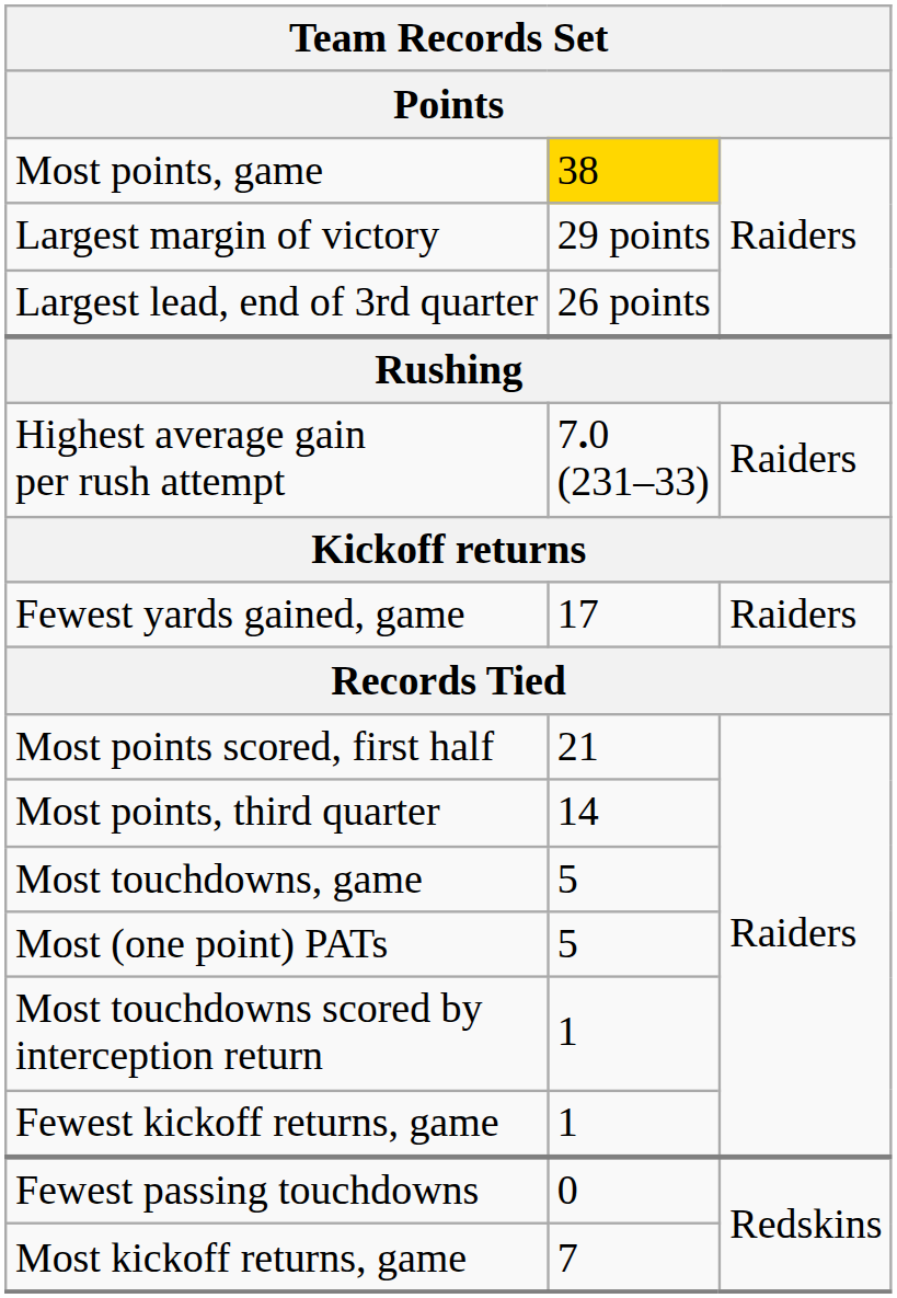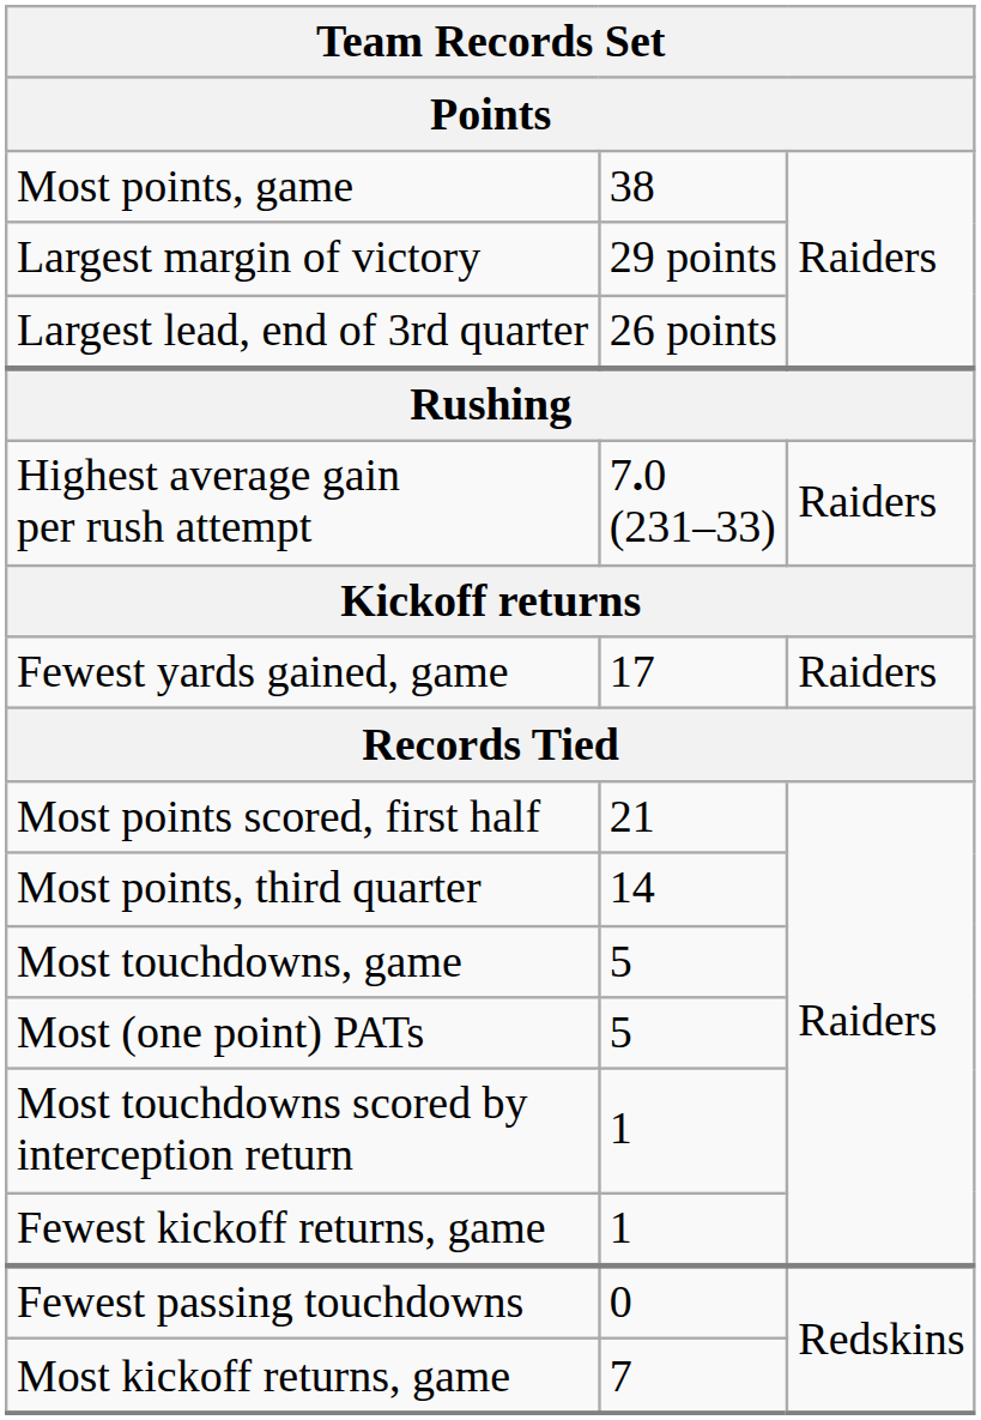 <table class="wikitable">
 <tr>
 <th colspan=3>Team Records Set</th>
 </tr>
 <tr>
 <th colspan=3>Points</th>
 </tr>
 <tr>
 <td>Most points, game</td>
-<td style="background: gold;">38</td>
+<td>38</td>
 <td rowspan=3>Raiders</td>
 </tr>
 <tr>
 <td>Largest margin of victory</td>
 <td>29 points</td>
 </tr>
 <tr style="border-bottom: 2px solid gray">
 <td>Largest lead, end of 3rd quarter</td>
 <td>26 points</td>
 </tr>
 <tr>
 <th colspan=3>Rushing</th>
 </tr>
 <tr>
 <td>Highest average gain<br> per rush attempt</td>
 <td>7<strong>.</strong>0 <br> (231–33)</td>
 <td>Raiders</td>
 </tr>
 <tr>
 <th colspan=3>Kickoff returns</th>
 </tr>
 <tr>
 <td>Fewest yards gained, game</td>
 <td>17</td>
 <td>Raiders</td>
 </tr>
 <tr>
 <th colspan=3>Records Tied</th>
 </tr>
 <tr>
 <td>Most points scored, first half</td>
 <td>21</td>
 <td rowspan=6>Raiders</td>
 </tr>
 <tr>
 <td>Most points, third quarter</td>
 <td>14</td>
 </tr>
 <tr>
 <td>Most touchdowns, game</td>
 <td>5</td>
 </tr>
 <tr>
 <td>Most (one point) PATs</td>
 <td>5</td>
 </tr>
 <tr>
 <td>Most touchdowns scored by<br>interception return</td>
 <td>1</td>
 </tr>
 <tr style="border-bottom: 2px solid gray">
 <td>Fewest kickoff returns, game</td>
 <td>1</td>
 </tr>
 <tr>
 <td>Fewest passing touchdowns</td>
 <td>0</td>
 <td style="border-bottom: 2px solid gray" rowspan=2>Redskins</td>
 </tr>
 <tr style="border-bottom: 2px solid gray">
 <td>Most kickoff returns, game</td>
 <td>7</td>
 </tr>
 </table>
